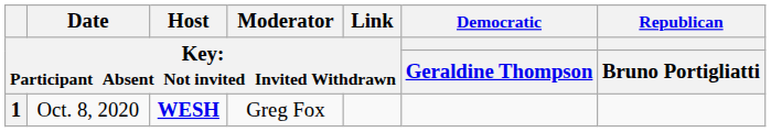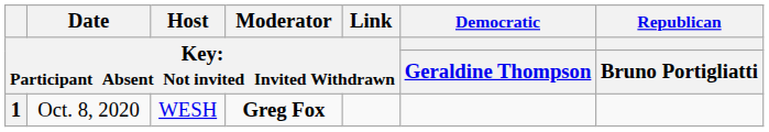 <table class="wikitable" style="text-align:center;">
 <tr>
 <th scope="col"></th>
 <th scope="col">Date</th>
 <th scope="col">Host</th>
 <th scope="col">Moderator</th>
 <th scope="col">Link</th>
 <th scope="col"><small><a href='#'>Democratic</a></small></th>
 <th scope="col"><small><a href='#'>Republican</a></small></th>
 </tr>
 <tr>
 <th colspan="5" rowspan="2">Key:<br> <small>Participant </small>  <small>Absent </small>  <small>Not invited </small>  <small>Invited  Withdrawn</small></th>
 <th scope="col" style="background:"></th>
 <th scope="col" style="background:"></th>
 </tr>
 <tr>
 <th scope="col"><a href='#'>Geraldine Thompson</a></th>
 <th scope="col">Bruno Portigliatti</th>
 </tr>
 <tr>
 <th>1</th>
 <td style="white-space:nowrap;">Oct. 8, 2020</td>
-<td style="white-space:nowrap;"><strong><a href='#'>WESH</a></strong></td>
-<td style="white-space:nowrap;">Greg Fox</td>
+<td style="white-space:nowrap;"><a href='#'>WESH</a></td>
+<td style="white-space:nowrap;"><strong>Greg Fox</strong></td>
 <td style="white-space:nowrap;"></td>
 <td></td>
 <td></td>
 </tr>
 </table>
